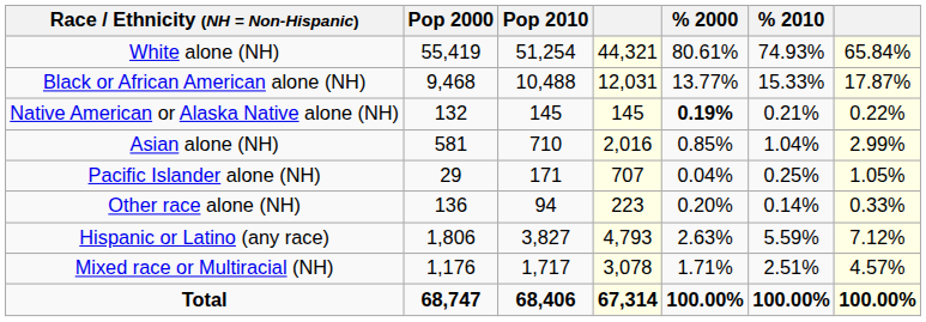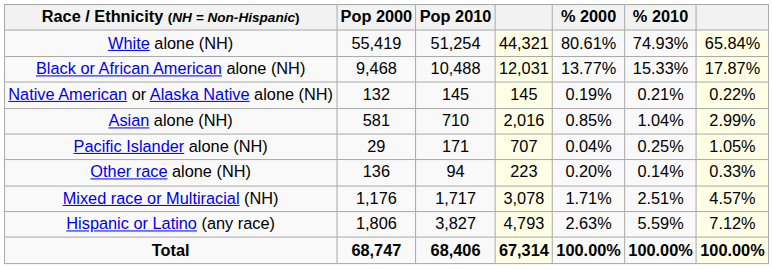 <table class="wikitable" style="text-align:center;">
 <tr>
 <th>Race / Ethnicity <small>(<em>NH = Non-Hispanic</em>)</small></th>
 <th>Pop 2000</th>
 <th>Pop 2010</th>
 <th></th>
 <th>% 2000</th>
 <th>% 2010</th>
 <th></th>
 </tr>
 <tr>
 <td><a href='#'>White</a> alone (NH)</td>
 <td>55,419</td>
 <td>51,254</td>
 <td style='background: #ffffe6;'>44,321</td>
 <td>80.61%</td>
 <td>74.93%</td>
 <td style='background: #ffffe6;'>65.84%</td>
 </tr>
 <tr>
 <td><a href='#'>Black or African American</a> alone (NH)</td>
 <td>9,468</td>
 <td>10,488</td>
 <td style='background: #ffffe6;'>12,031</td>
 <td>13.77%</td>
 <td>15.33%</td>
 <td style='background: #ffffe6;'>17.87%</td>
 </tr>
 <tr>
 <td><a href='#'>Native American</a> or <a href='#'>Alaska Native</a> alone (NH)</td>
 <td>132</td>
 <td>145</td>
 <td style='background: #ffffe6;'>145</td>
-<td><strong>0.19%</strong></td>
+<td>0.19%</td>
 <td>0.21%</td>
 <td style='background: #ffffe6;'>0.22%</td>
 </tr>
 <tr>
 <td><a href='#'>Asian</a> alone (NH)</td>
 <td>581</td>
 <td>710</td>
 <td style='background: #ffffe6;'>2,016</td>
 <td>0.85%</td>
 <td>1.04%</td>
 <td style='background: #ffffe6;'>2.99%</td>
 </tr>
 <tr>
 <td><a href='#'>Pacific Islander</a> alone (NH)</td>
 <td>29</td>
 <td>171</td>
 <td style='background: #ffffe6;'>707</td>
 <td>0.04%</td>
 <td>0.25%</td>
 <td style='background: #ffffe6;'>1.05%</td>
 </tr>
 <tr>
 <td><a href='#'>Other race</a> alone (NH)</td>
 <td>136</td>
 <td>94</td>
 <td style='background: #ffffe6;'>223</td>
 <td>0.20%</td>
 <td>0.14%</td>
 <td style='background: #ffffe6;'>0.33%</td>
 </tr>
 <tr>
+<td><a href='#'>Mixed race or Multiracial</a> (NH)</td>
+<td>1,176</td>
+<td>1,717</td>
+<td style='background: #ffffe6;'>3,078</td>
+<td>1.71%</td>
+<td>2.51%</td>
+<td style='background: #ffffe6;'>4.57%</td>
+</tr>
+<tr>
 <td><a href='#'>Hispanic or Latino</a> (any race)</td>
 <td>1,806</td>
 <td>3,827</td>
 <td style='background: #ffffe6;'>4,793</td>
 <td>2.63%</td>
 <td>5.59%</td>
 <td style='background: #ffffe6;'>7.12%</td>
-</tr>
-<tr>
-<td><a href='#'>Mixed race or Multiracial</a> (NH)</td>
-<td>1,176</td>
-<td>1,717</td>
-<td style='background: #ffffe6;'>3,078</td>
-<td>1.71%</td>
-<td>2.51%</td>
-<td style='background: #ffffe6;'>4.57%</td>
 </tr>
 <tr>
 <td><strong>Total</strong></td>
 <td><strong>68,747</strong></td>
 <td><strong>68,406</strong></td>
 <td style='background: #ffffe6;'><strong>67,314</strong></td>
 <td><strong>100.00%</strong></td>
 <td><strong>100.00%</strong></td>
 <td style='background: #ffffe6;'><strong>100.00%</strong></td>
 </tr>
 </table>
